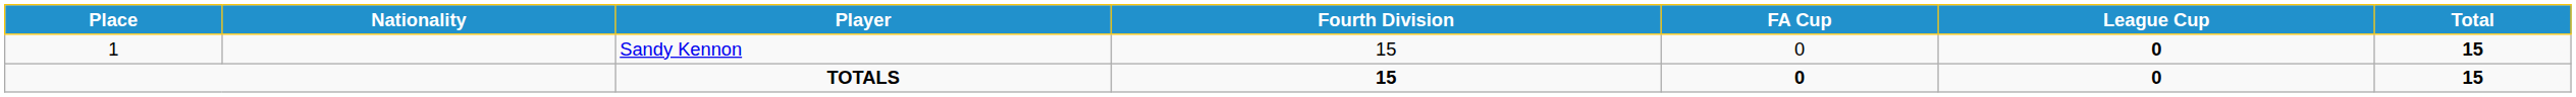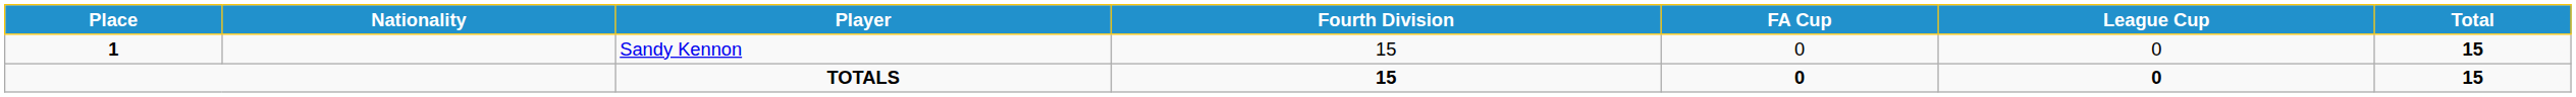 <table class="wikitable" style="text-align:center; font-size:90%; width:100%;">
 <tr>
 <th style="background:#2191CC; color:white; border:1px solid #F7C408; text-align:center;">Place</th>
 <th style="background:#2191CC; color:white; border:1px solid #F7C408; text-align:center;">Nationality</th>
 <th style="background:#2191CC; color:white; border:1px solid #F7C408; text-align:center;">Player</th>
 <th style="background:#2191CC; color:white; border:1px solid #F7C408; text-align:center;">Fourth Division</th>
 <th style="background:#2191CC; color:white; border:1px solid #F7C408; text-align:center;">FA Cup</th>
 <th style="background:#2191CC; color:white; border:1px solid #F7C408; text-align:center;">League Cup</th>
 <th style="background:#2191CC; color:white; border:1px solid #F7C408; text-align:center;">Total</th>
 </tr>
 <tr>
-<td>1</td>
+<td><strong>1</strong></td>
 <td></td>
 <td align="left"><a href='#'>Sandy Kennon</a></td>
 <td>15</td>
 <td>0</td>
-<td><strong>0</strong></td>
+<td>0</td>
 <td><strong>15</strong></td>
 </tr>
 <tr>
 <td colspan="2"></td>
 <td><strong>TOTALS</strong></td>
 <td><strong>15</strong></td>
 <td><strong>0</strong></td>
 <td><strong>0</strong></td>
 <td><strong>15</strong></td>
 </tr>
 </table>
